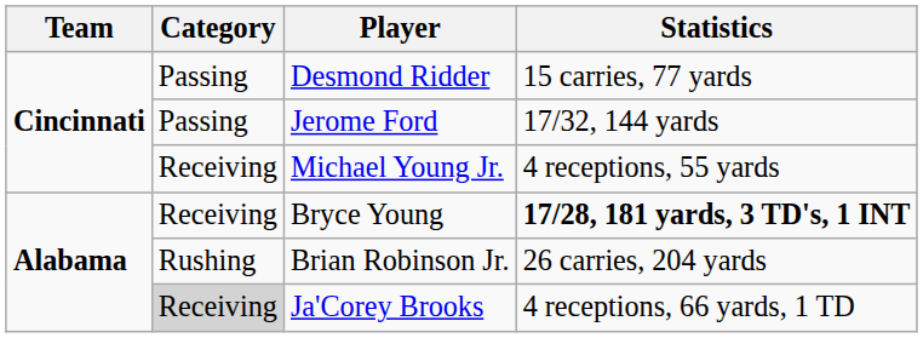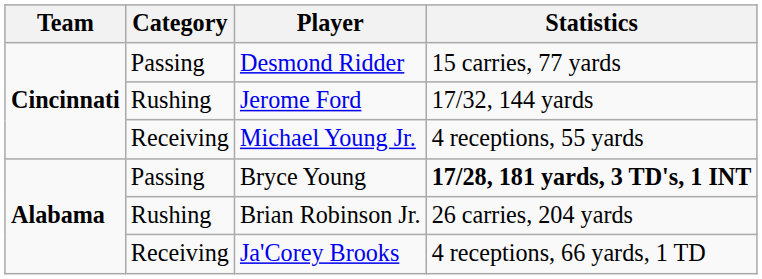 <table class="wikitable" style="float: right;">
 <tr>
 <th>Team</th>
 <th>Category</th>
 <th>Player</th>
 <th>Statistics</th>
 </tr>
 <tr>
 <td rowspan=3><strong>Cincinnati</strong></td>
 <td>Passing</td>
 <td><a href='#'>Desmond Ridder</a></td>
 <td>15 carries, 77 yards</td>
 </tr>
 <tr>
-<td>Passing</td>
+<td>Rushing</td>
 <td><a href='#'>Jerome Ford</a></td>
 <td>17/32, 144 yards</td>
 </tr>
 <tr>
 <td>Receiving</td>
 <td><a href='#'>Michael Young Jr.</a></td>
 <td>4 receptions, 55 yards</td>
 </tr>
 <tr>
 <td rowspan=3><strong>Alabama</strong></td>
-<td>Receiving</td>
+<td>Passing</td>
 <td>Bryce Young</td>
 <td><strong>17/28, 181 yards, 3 TD's, 1 INT</strong></td>
 </tr>
 <tr>
 <td>Rushing</td>
 <td>Brian Robinson Jr.</td>
 <td>26 carries, 204 yards</td>
 </tr>
 <tr>
-<td style="background: lightgrey;">Receiving</td>
+<td>Receiving</td>
 <td><a href='#'>Ja'Corey Brooks</a></td>
 <td>4 receptions, 66 yards, 1 TD</td>
 </tr>
 </table>
